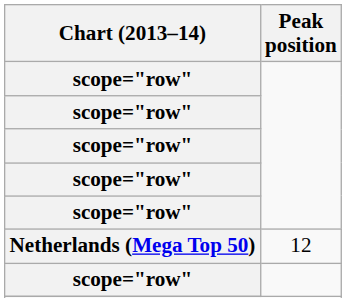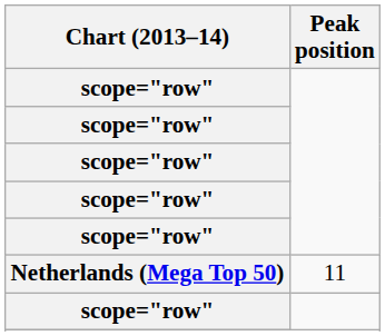 <table class="wikitable sortable plainrowheaders" style="text-align:center;">
 <tr>
 <th scope="col">Chart (2013–14)</th>
 <th scope="col">Peak<br>position</th>
 </tr>
 <tr>
 <th>scope="row"</th>
 </tr>
 <tr>
 <th>scope="row"</th>
 </tr>
 <tr>
 <th>scope="row"</th>
 </tr>
 <tr>
 <th>scope="row"</th>
 </tr>
 <tr>
 <th>scope="row"</th>
 </tr>
 <tr>
 <th scope="row">Netherlands (<a href='#'>Mega Top 50</a>)</th>
-<td>12</td>
+<td>11</td>
 </tr>
 <tr>
 <th>scope="row"</th>
 </tr>
 <tr>
 </tr>
 <tr>
 </tr>
 </table>
